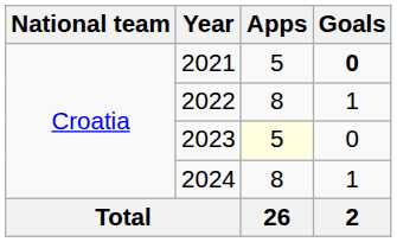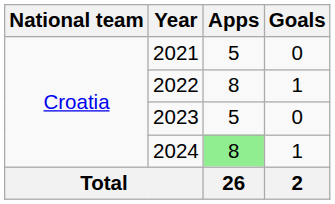 <table class="wikitable" style="text-align: center;">
 <tr>
 <th>National team</th>
 <th>Year</th>
 <th>Apps</th>
 <th>Goals</th>
 </tr>
 <tr>
 <td rowspan="4" valign="center"><a href='#'>Croatia</a></td>
 <td>2021</td>
 <td>5</td>
-<td><strong>0</strong></td>
+<td>0</td>
 </tr>
 <tr>
 <td>2022</td>
 <td>8</td>
 <td>1</td>
 </tr>
 <tr>
 <td>2023</td>
-<td style="background: lightyellow;">5</td>
+<td>5</td>
 <td>0</td>
 </tr>
 <tr>
 <td>2024</td>
-<td>8</td>
+<td style="background: lightgreen;">8</td>
 <td>1</td>
 </tr>
 <tr>
 <th colspan="2">Total</th>
 <th>26</th>
 <th>2</th>
 </tr>
 </table>
